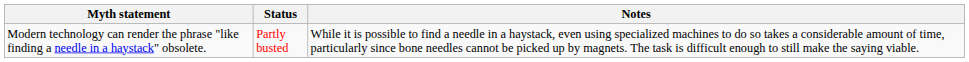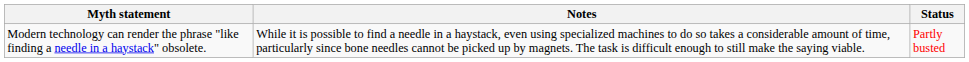 <table class="wikitable plainrowheaders">
 <tr>
 <th>Myth statement</th>
+<th>Notes</th>
 <th>Status</th>
-<th>Notes</th>
 </tr>
 <tr>
 <td>Modern technology can render the phrase "like finding a <a href='#'>needle in a haystack</a>" obsolete.</td>
+<td>While it is possible to find a needle in a haystack, even using specialized machines to do so takes a considerable amount of time, particularly since bone needles cannot be picked up by magnets. The task is difficult enough to still make the saying viable.</td>
 <td style="color:red">Partly busted</td>
-<td>While it is possible to find a needle in a haystack, even using specialized machines to do so takes a considerable amount of time, particularly since bone needles cannot be picked up by magnets. The task is difficult enough to still make the saying viable.</td>
 </tr>
 </table>
